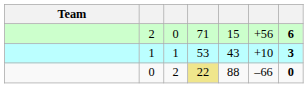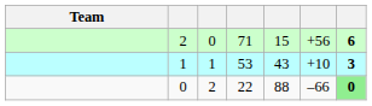 <table class="wikitable" style="text-align:center;">
 <tr>
 <th style="width:10.5em;">Team</th>
 <th style="width:1.5em;"></th>
 <th style="width:1.5em;"></th>
 <th style="width:2.0em;"></th>
 <th style="width:2.0em;"></th>
 <th style="width:2.0em;"></th>
 <th style="width:1.5em;"></th>
 </tr>
 <tr bgcolor=#cfc>
 <td align="left"></td>
 <td>2</td>
 <td>0</td>
 <td>71</td>
 <td>15</td>
 <td>+56</td>
 <td><strong>6</strong></td>
 </tr>
 <tr bgcolor=#bff>
 <td align="left"></td>
 <td>1</td>
 <td>1</td>
 <td>53</td>
 <td>43</td>
 <td>+10</td>
 <td><strong>3</strong></td>
 </tr>
 <tr>
 <td align="left"></td>
 <td>0</td>
 <td>2</td>
-<td style="background: khaki;">22</td>
+<td>22</td>
 <td>88</td>
 <td>–66</td>
-<td><strong>0</strong></td>
+<td style="background: lightgreen;"><strong>0</strong></td>
 </tr>
 </table>
